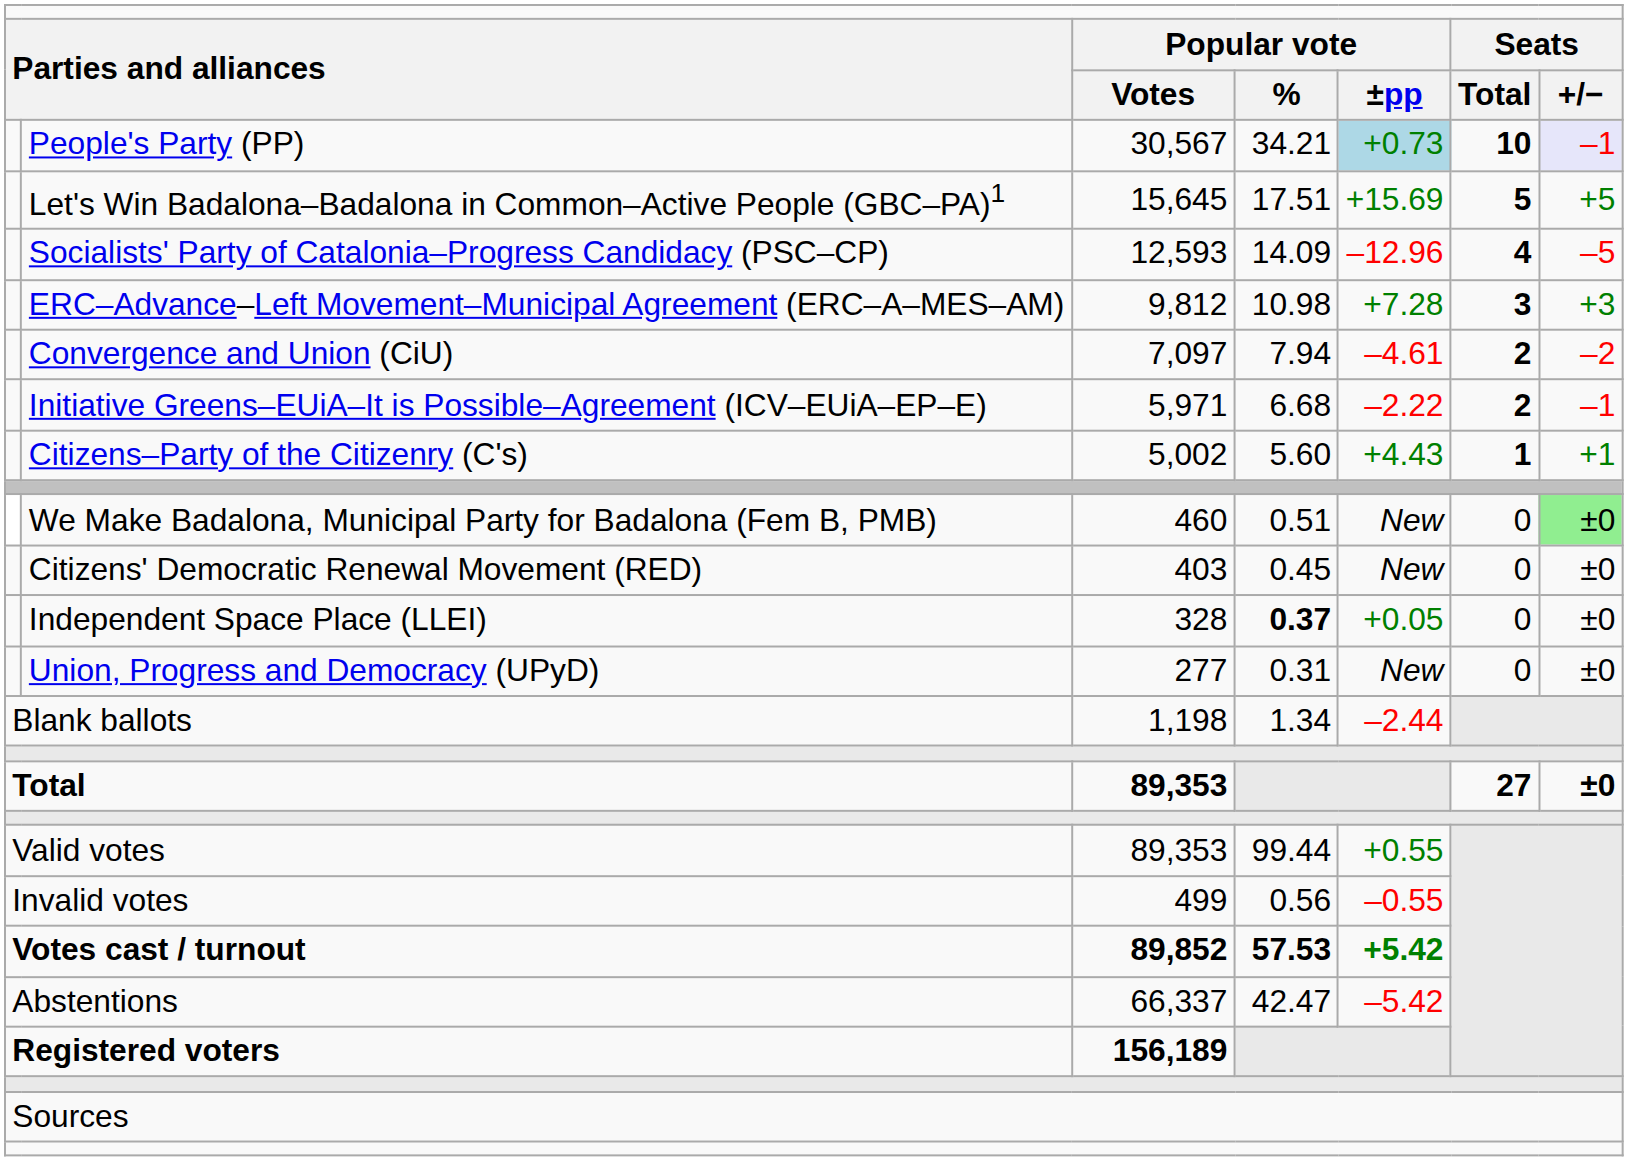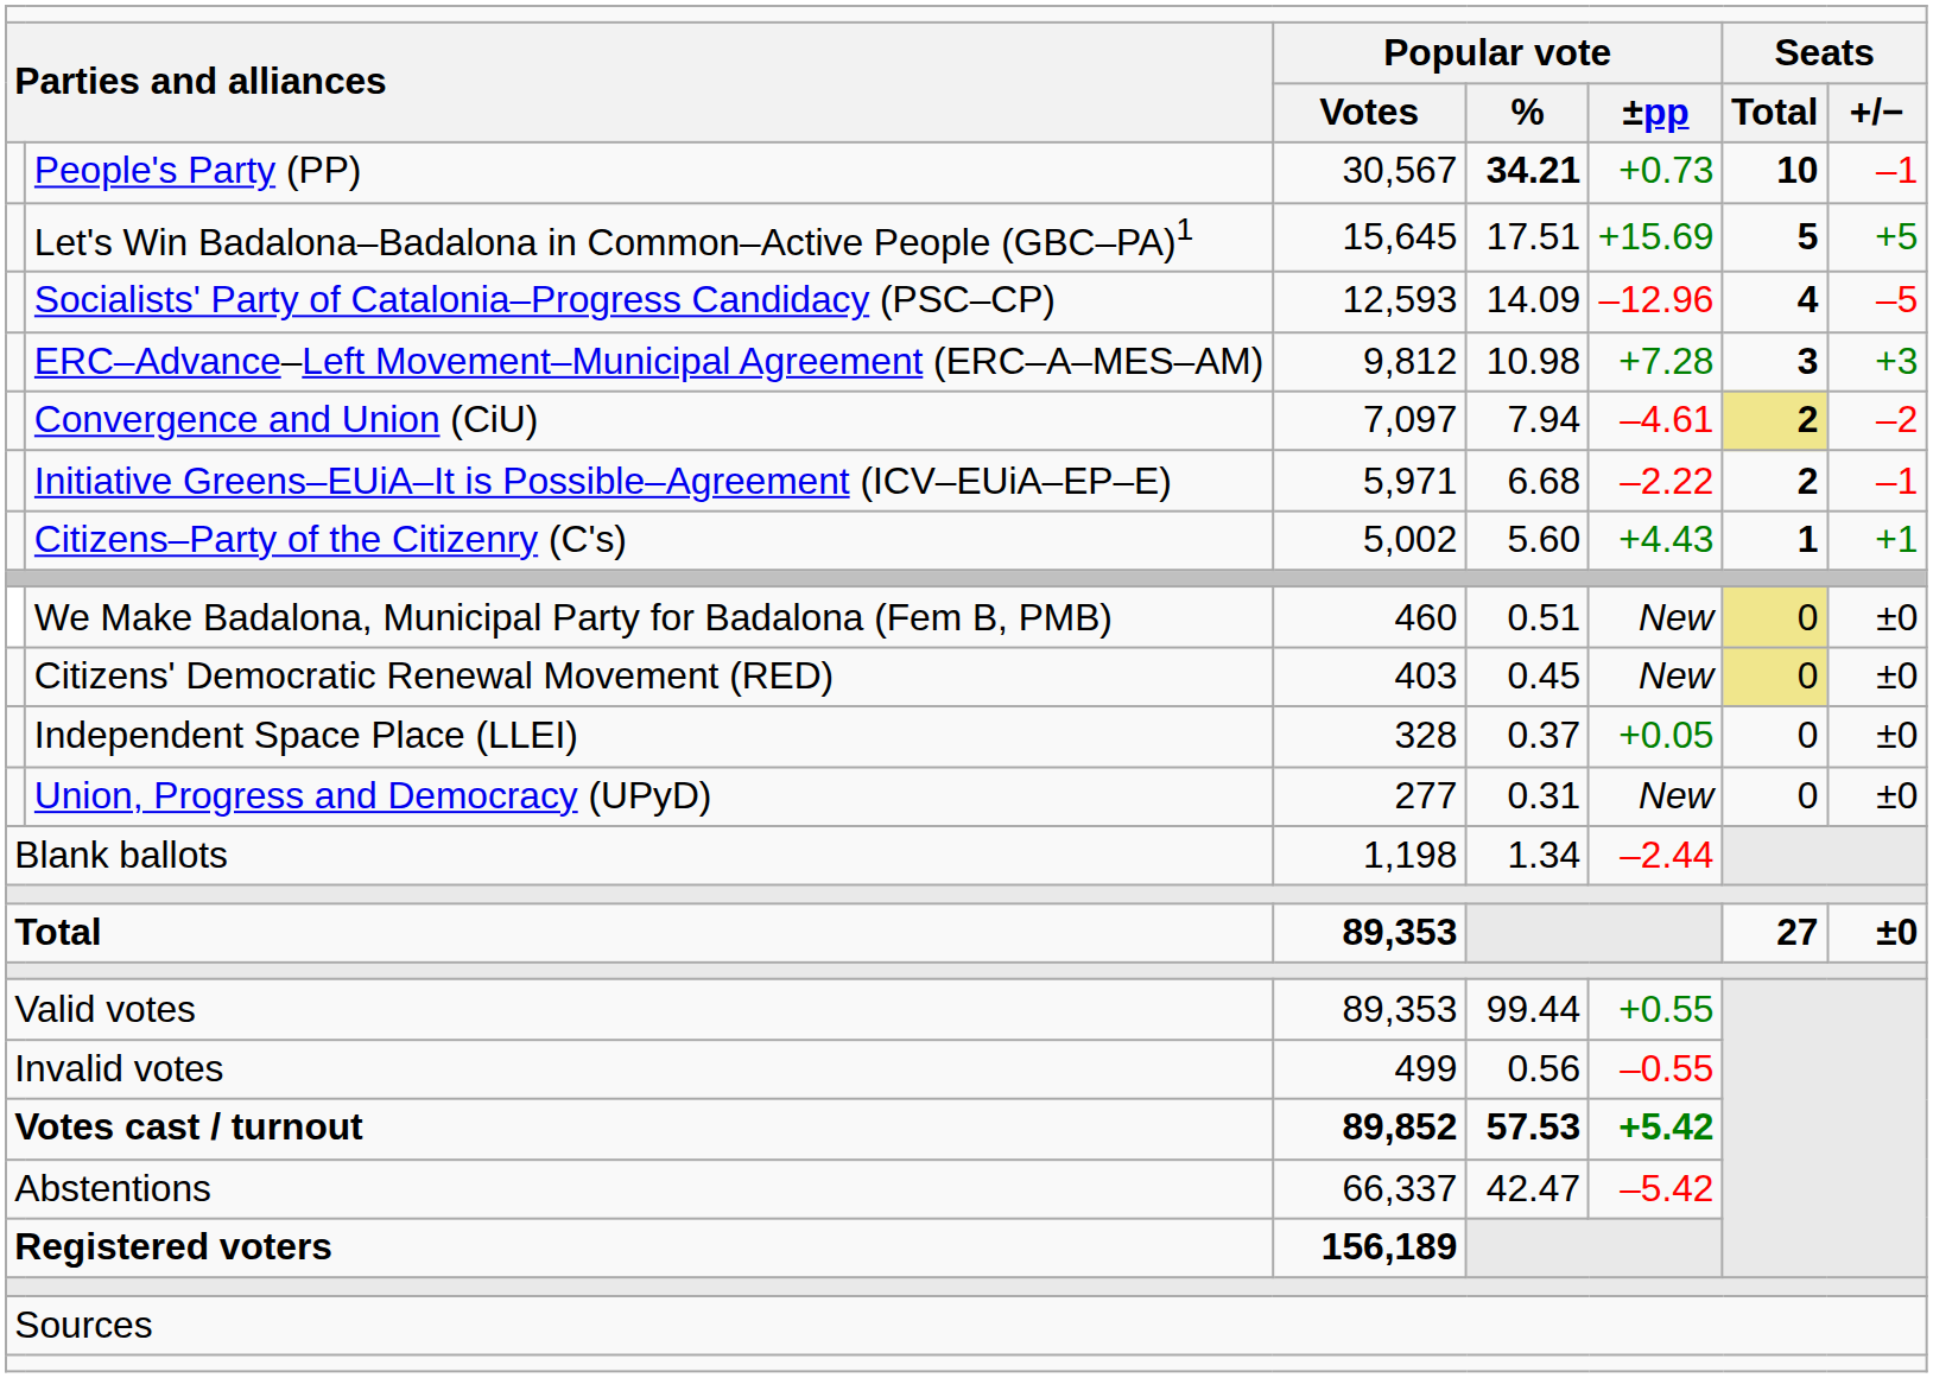 <table class="wikitable" style="text-align:right;">
 <tr>
 <td colspan="7"></td>
 </tr>
 <tr>
 <th style="text-align:left;" rowspan="2" colspan="2" width="525">Parties and alliances</th>
 <th colspan="3">Popular vote</th>
 <th colspan="2">Seats</th>
 </tr>
 <tr>
 <th width="75">Votes</th>
 <th width="45">%</th>
 <th width="45">±<a href='#'>pp</a></th>
 <th width="35">Total</th>
 <th width="35">+/−</th>
 </tr>
 <tr>
 <td width="1" style="color:inherit;background:"></td>
 <td align="left"><a href='#'>People's Party</a> (PP)</td>
 <td>30,567</td>
-<td>34.21</td>
-<td style="background: lightblue; color:green;">+0.73</td>
+<td><strong>34.21</strong></td>
+<td style="color:green;">+0.73</td>
 <td><strong>10</strong></td>
-<td style="background: lavender; color:red;">–1</td>
+<td style="color:red;">–1</td>
 </tr>
 <tr>
 <td style="color:inherit;background:"></td>
 <td align="left">Let's Win Badalona–Badalona in Common–Active People (GBC–PA)<sup>1</sup></td>
 <td>15,645</td>
 <td>17.51</td>
 <td style="color:green;">+15.69</td>
 <td><strong>5</strong></td>
 <td style="color:green;">+5</td>
 </tr>
 <tr>
 <td style="color:inherit;background:"></td>
 <td align="left"><a href='#'>Socialists' Party of Catalonia–Progress Candidacy</a> (PSC–CP)</td>
 <td>12,593</td>
 <td>14.09</td>
 <td style="color:red;">–12.96</td>
 <td><strong>4</strong></td>
 <td style="color:red;">–5</td>
 </tr>
 <tr>
 <td style="color:inherit;background:"></td>
 <td align="left"><a href='#'>ERC–Advance</a>–<a href='#'>Left Movement–Municipal Agreement</a> (ERC–A–MES–AM)</td>
 <td>9,812</td>
 <td>10.98</td>
 <td style="color:green;">+7.28</td>
 <td><strong>3</strong></td>
 <td style="color:green;">+3</td>
 </tr>
 <tr>
 <td style="color:inherit;background:"></td>
 <td align="left"><a href='#'>Convergence and Union</a> (CiU)</td>
 <td>7,097</td>
 <td>7.94</td>
 <td style="color:red;">–4.61</td>
-<td><strong>2</strong></td>
+<td style="background: khaki;"><strong>2</strong></td>
 <td style="color:red;">–2</td>
 </tr>
 <tr>
 <td style="color:inherit;background:"></td>
 <td align="left"><a href='#'>Initiative Greens–EUiA–It is Possible–Agreement</a> (ICV–EUiA–EP–E)</td>
 <td>5,971</td>
 <td>6.68</td>
 <td style="color:red;">–2.22</td>
 <td><strong>2</strong></td>
 <td style="color:red;">–1</td>
 </tr>
 <tr>
 <td style="color:inherit;background:"></td>
 <td align="left"><a href='#'>Citizens–Party of the Citizenry</a> (C's)</td>
 <td>5,002</td>
 <td>5.60</td>
 <td style="color:green;">+4.43</td>
 <td><strong>1</strong></td>
 <td style="color:green;">+1</td>
 </tr>
 <tr>
 <td colspan="7" style="color:inherit;background:#C0C0C0"></td>
 </tr>
 <tr>
 <td bgcolor="white"></td>
 <td align="left">We Make Badalona, Municipal Party for Badalona (Fem B, PMB)</td>
 <td>460</td>
 <td>0.51</td>
 <td><em>New</em></td>
-<td>0</td>
-<td style="background: lightgreen;">±0</td>
+<td style="background: khaki;">0</td>
+<td>±0</td>
 </tr>
 <tr>
 <td style="color:inherit;background:"></td>
 <td align="left">Citizens' Democratic Renewal Movement (RED)</td>
 <td>403</td>
 <td>0.45</td>
 <td><em>New</em></td>
-<td>0</td>
+<td style="background: khaki;">0</td>
 <td>±0</td>
 </tr>
 <tr>
 <td style="color:inherit;background:"></td>
 <td align="left">Independent Space Place (LLEI)</td>
 <td>328</td>
-<td><strong>0.37</strong></td>
+<td>0.37</td>
 <td style="color:green;">+0.05</td>
 <td>0</td>
 <td>±0</td>
 </tr>
 <tr>
 <td style="color:inherit;background:"></td>
 <td align="left"><a href='#'>Union, Progress and Democracy</a> (UPyD)</td>
 <td>277</td>
 <td>0.31</td>
 <td><em>New</em></td>
 <td>0</td>
 <td>±0</td>
 </tr>
 <tr>
 <td align="left" colspan="2">Blank ballots</td>
 <td>1,198</td>
 <td>1.34</td>
 <td style="color:red;">–2.44</td>
 <td style="color:inherit;background:#E9E9E9" colspan="2"></td>
 </tr>
 <tr>
 <td colspan="7" style="color:inherit;background:#E9E9E9"></td>
 </tr>
 <tr style="font-weight:bold;">
 <td align="left" colspan="2">Total</td>
 <td>89,353</td>
 <td bgcolor="#E9E9E9" colspan="2"></td>
 <td>27</td>
 <td>±0</td>
 </tr>
 <tr>
 <td colspan="7" style="color:inherit;background:#E9E9E9"></td>
 </tr>
 <tr>
 <td align="left" colspan="2">Valid votes</td>
 <td>89,353</td>
 <td>99.44</td>
 <td style="color:green;">+0.55</td>
 <td bgcolor="#E9E9E9" colspan="2" rowspan="5"></td>
 </tr>
 <tr>
 <td align="left" colspan="2">Invalid votes</td>
 <td>499</td>
 <td>0.56</td>
 <td style="color:red;">–0.55</td>
 </tr>
 <tr style="font-weight:bold;">
 <td align="left" colspan="2">Votes cast / turnout</td>
 <td>89,852</td>
 <td>57.53</td>
 <td style="color:green;">+5.42</td>
 </tr>
 <tr>
 <td align="left" colspan="2">Abstentions</td>
 <td>66,337</td>
 <td>42.47</td>
 <td style="color:red;">–5.42</td>
 </tr>
 <tr style="font-weight:bold;">
 <td align="left" colspan="2">Registered voters</td>
 <td>156,189</td>
 <td bgcolor="#E9E9E9" colspan="2"></td>
 </tr>
 <tr>
 <td colspan="7" style="color:inherit;background:#E9E9E9"></td>
 </tr>
 <tr>
 <td align="left" colspan="7">Sources</td>
 </tr>
 <tr>
 <td colspan="7" style="text-align:left; max-width:790px;"></td>
 </tr>
 </table>
